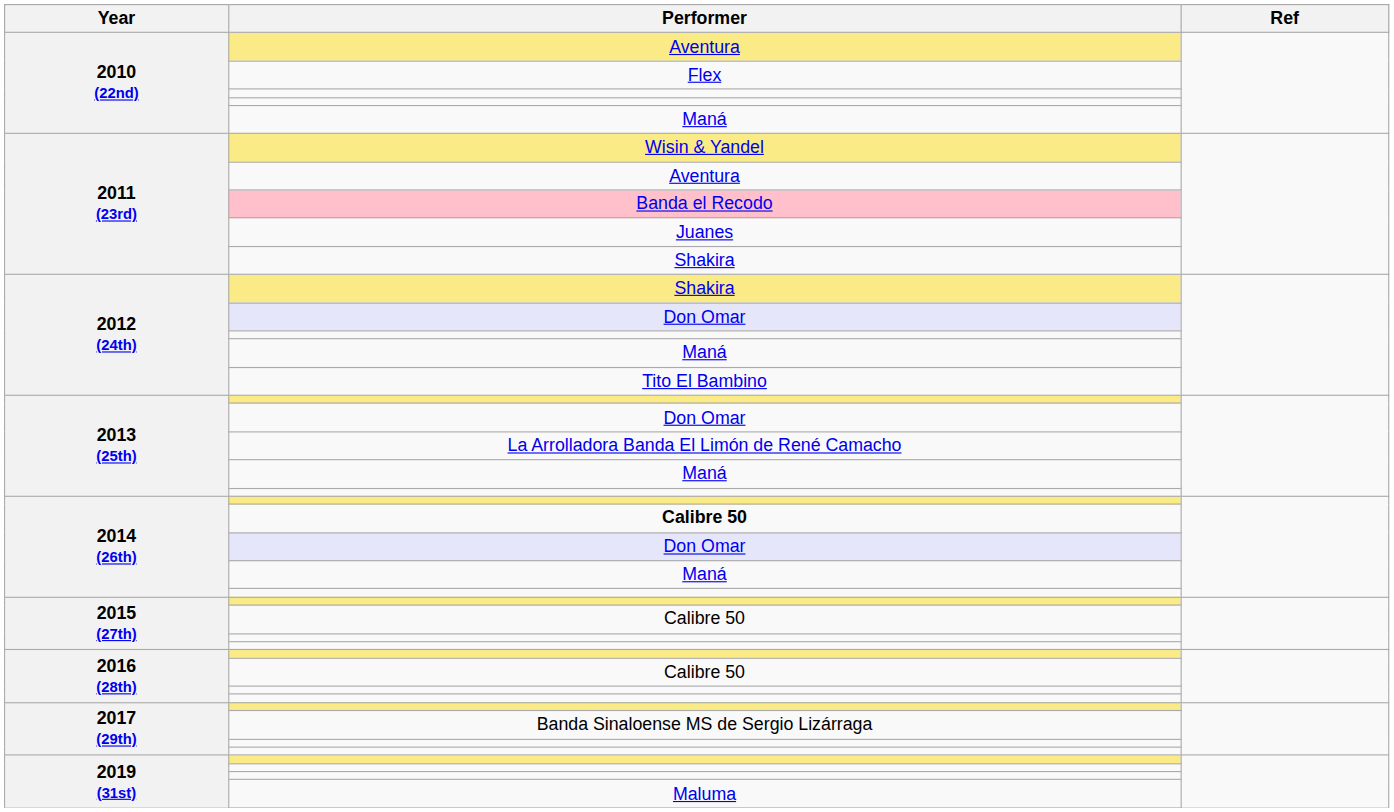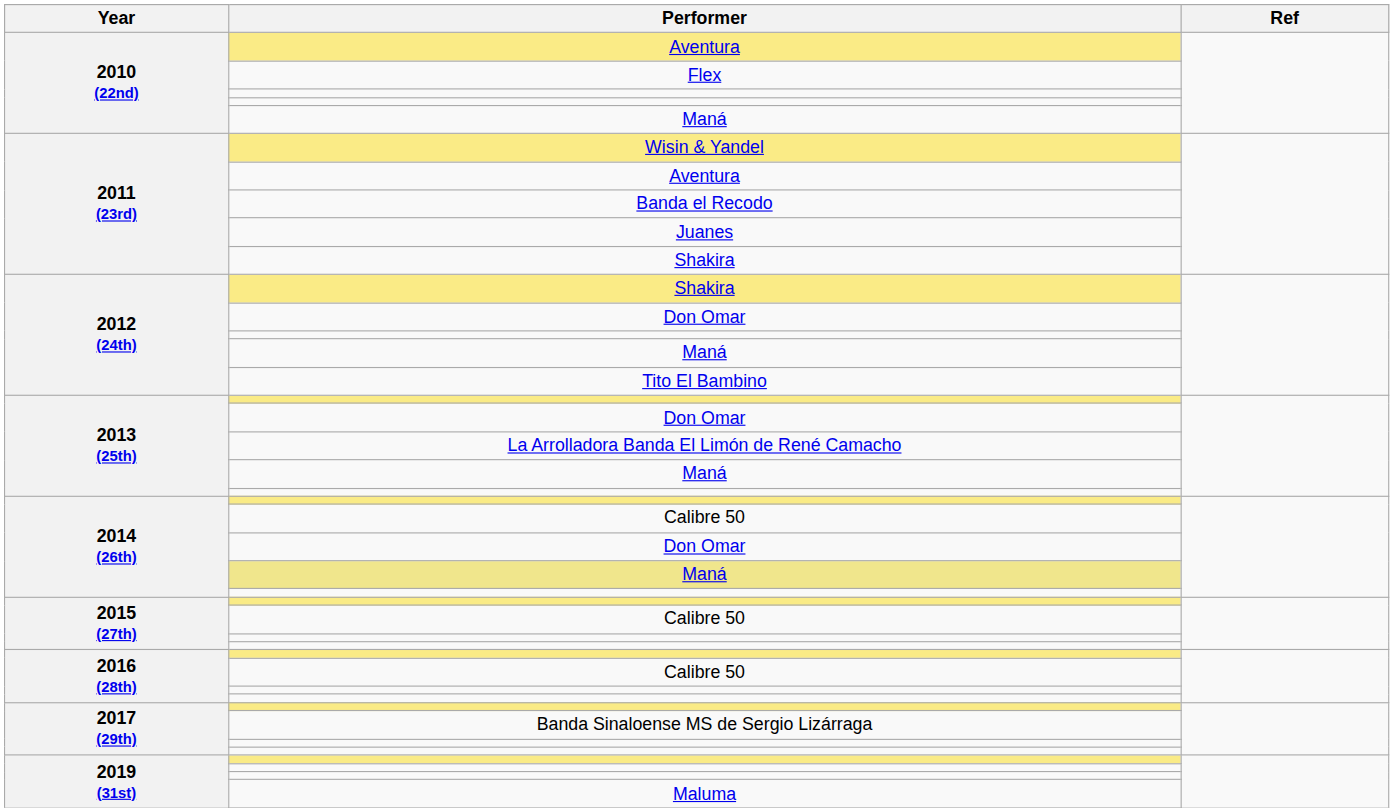 <table class="wikitable sortable" style="text-align:center;">
 <tr style="background:#bebebe;">
 <th scope="col" style="width:1%;">Year</th>
 <th scope="col" style="width:5%;">Performer</th>
 <th scope="col" style="width:1%;" class="unsortable">Ref</th>
 </tr>
 <tr>
 <th scope="row" rowspan=5>2010 <br><small><a href='#'>(22nd)</a></small></th>
 <td style="background:#FAEB86"><a href='#'>Aventura</a></td>
 <td rowspan=5></td>
 </tr>
 <tr>
 <td><a href='#'>Flex</a></td>
 </tr>
 <tr>
 <td></td>
 </tr>
 <tr>
 <td></td>
 </tr>
 <tr>
 <td><a href='#'>Maná</a></td>
 </tr>
 <tr>
 <th scope="row" rowspan=5>2011 <br><small><a href='#'>(23rd)</a></small></th>
 <td style="background:#FAEB86"><a href='#'>Wisin & Yandel</a></td>
 <td rowspan=5></td>
 </tr>
 <tr>
 <td><a href='#'>Aventura</a></td>
 </tr>
 <tr>
-<td style="background: pink;"><a href='#'>Banda el Recodo</a></td>
+<td><a href='#'>Banda el Recodo</a></td>
 </tr>
 <tr>
 <td><a href='#'>Juanes</a></td>
 </tr>
 <tr>
 <td><a href='#'>Shakira</a></td>
 </tr>
 <tr>
 <th scope="row" rowspan=5>2012 <br><small><a href='#'>(24th)</a></small></th>
 <td style="background:#FAEB86"><a href='#'>Shakira</a></td>
 <td rowspan=5></td>
 </tr>
 <tr>
-<td style="background: lavender;"><a href='#'>Don Omar</a></td>
+<td><a href='#'>Don Omar</a></td>
 </tr>
 <tr>
 <td></td>
 </tr>
 <tr>
 <td><a href='#'>Maná</a></td>
 </tr>
 <tr>
 <td><a href='#'>Tito El Bambino</a></td>
 </tr>
 <tr>
 <th scope="row" rowspan=5>2013 <br><small><a href='#'>(25th)</a></small></th>
 <td style="background:#FAEB86"></td>
 <td rowspan=5></td>
 </tr>
 <tr>
 <td><a href='#'>Don Omar</a></td>
 </tr>
 <tr>
 <td><a href='#'>La Arrolladora Banda El Limón de René Camacho</a></td>
 </tr>
 <tr>
 <td><a href='#'>Maná</a></td>
 </tr>
 <tr>
 <td></td>
 </tr>
 <tr>
 <th scope="row" rowspan=5>2014 <br><small><a href='#'>(26th)</a></small></th>
 <td style="background:#FAEB86"></td>
 <td rowspan=5></td>
 </tr>
 <tr>
-<td><strong>Calibre 50</strong></td>
+<td>Calibre 50</td>
 </tr>
 <tr>
-<td style="background: lavender;"><a href='#'>Don Omar</a></td>
+<td><a href='#'>Don Omar</a></td>
 </tr>
 <tr>
-<td><a href='#'>Maná</a></td>
+<td style="background: khaki;"><a href='#'>Maná</a></td>
 </tr>
 <tr>
 <td></td>
 </tr>
 <tr>
 <th scope="row" rowspan=4>2015 <br><small><a href='#'>(27th)</a></small></th>
 <td style="background:#FAEB86"></td>
 <td rowspan=4></td>
 </tr>
 <tr>
 <td>Calibre 50</td>
 </tr>
 <tr>
 <td></td>
 </tr>
 <tr>
 <td></td>
 </tr>
 <tr>
 <th scope="row" rowspan=4>2016 <br><small><a href='#'>(28th)</a></small></th>
 <td style="background:#FAEB86"></td>
 <td rowspan=4></td>
 </tr>
 <tr>
 <td>Calibre 50</td>
 </tr>
 <tr>
 <td></td>
 </tr>
 <tr>
 <td></td>
 </tr>
 <tr>
 <th scope="row" rowspan=4>2017 <br><small><a href='#'>(29th)</a></small></th>
 <td style="background:#FAEB86"></td>
 <td rowspan=4></td>
 </tr>
 <tr>
 <td>Banda Sinaloense MS de Sergio Lizárraga</td>
 </tr>
 <tr>
 <td></td>
 </tr>
 <tr>
 <td></td>
 </tr>
 <tr>
 <th scope="row" rowspan=5>2019 <br><small><a href='#'>(31st)</a></small></th>
 <td style="background:#FAEB86"></td>
 <td rowspan=5></td>
 </tr>
 <tr>
 <td></td>
 </tr>
 <tr>
 <td></td>
 </tr>
 <tr>
 <td><a href='#'>Maluma</a></td>
 </tr>
 <tr>
 </tr>
 </table>
